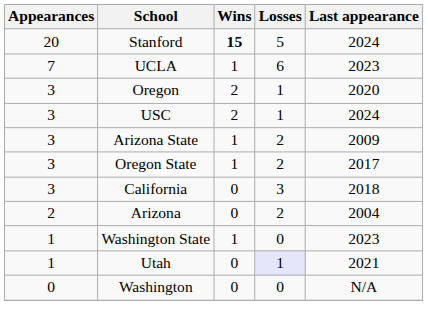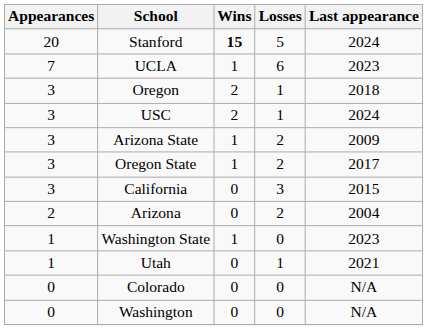 <table class="wikitable sortable" style="text-align:center">
 <tr>
 <th width=px>Appearances</th>
 <th width=px>School</th>
 <th width=px>Wins</th>
 <th width=px>Losses</th>
 <th width=px>Last appearance</th>
 </tr>
 <tr>
 <td>20</td>
 <td>Stanford</td>
 <td><strong>15</strong></td>
 <td>5</td>
 <td>2024</td>
 </tr>
 <tr>
 <td>7</td>
 <td>UCLA</td>
 <td>1</td>
 <td>6</td>
 <td>2023</td>
 </tr>
 <tr>
 <td>3</td>
 <td>Oregon</td>
 <td>2</td>
 <td>1</td>
-<td>2020</td>
+<td>2018</td>
 </tr>
 <tr>
 <td>3</td>
 <td>USC</td>
 <td>2</td>
 <td>1</td>
 <td>2024</td>
 </tr>
 <tr>
 <td>3</td>
 <td>Arizona State</td>
 <td>1</td>
 <td>2</td>
 <td>2009</td>
 </tr>
 <tr>
 <td>3</td>
 <td>Oregon State</td>
 <td>1</td>
 <td>2</td>
 <td>2017</td>
 </tr>
 <tr>
 <td>3</td>
 <td>California</td>
 <td>0</td>
 <td>3</td>
-<td>2018</td>
+<td>2015</td>
 </tr>
 <tr>
 <td>2</td>
 <td>Arizona</td>
 <td>0</td>
 <td>2</td>
 <td>2004</td>
 </tr>
 <tr>
 <td>1</td>
 <td>Washington State</td>
 <td>1</td>
 <td>0</td>
 <td>2023</td>
 </tr>
 <tr>
 <td>1</td>
 <td>Utah</td>
 <td>0</td>
-<td style="background: lavender;">1</td>
+<td>1</td>
 <td>2021</td>
+</tr>
+<tr>
+<td>0</td>
+<td>Colorado</td>
+<td>0</td>
+<td>0</td>
+<td>N/A</td>
 </tr>
 <tr>
 <td>0</td>
 <td>Washington</td>
 <td>0</td>
 <td>0</td>
 <td>N/A</td>
 </tr>
 <tr>
 </tr>
 </table>
